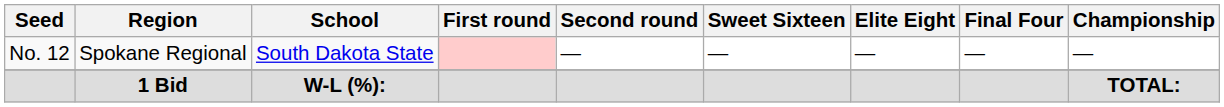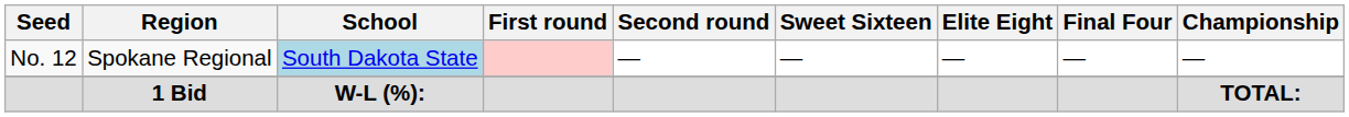 <table class="sortable wikitable" style="white-space:nowrap; font-size:100%;">
 <tr>
 <th>Seed</th>
 <th>Region</th>
 <th>School</th>
 <th>First round</th>
 <th>Second round</th>
 <th>Sweet Sixteen</th>
 <th>Elite Eight</th>
 <th>Final Four</th>
 <th>Championship</th>
 </tr>
 <tr>
 <td>No. 12</td>
 <td>Spokane Regional</td>
-<td><a href='#'>South Dakota State</a></td>
+<td style="background: lightblue;"><a href='#'>South Dakota State</a></td>
 <td style="background:#fcc;"></td>
 <td style="background:#fff;">—</td>
 <td style="background:#fff;">—</td>
 <td style="background:#fff;">—</td>
 <td style="background:#fff;">—</td>
 <td style="background:#fff;">—</td>
 </tr>
 <tr>
 </tr>
 <tr class="sortbottom" style="text-align:center; background:#ddd;">
 <td></td>
 <td><strong>1 Bid</strong></td>
 <td><strong>W-L (%):</strong></td>
 <td></td>
 <td></td>
 <td></td>
 <td></td>
 <td></td>
 <td><strong>TOTAL:</strong> </td>
 </tr>
 </table>
